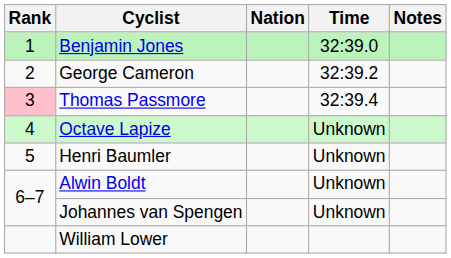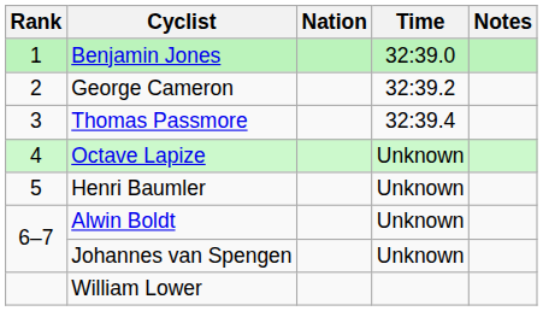 <table class="wikitable sortable">
 <tr>
 <th>Rank</th>
 <th>Cyclist</th>
 <th>Nation</th>
 <th>Time</th>
 <th>Notes</th>
 </tr>
 <tr bgcolor=bbf3bb>
 <td align=center>1</td>
 <td><a href='#'>Benjamin Jones</a></td>
 <td></td>
 <td align=center>32:39.0</td>
 <td align=center></td>
 </tr>
 <tr>
 <td align=center>2</td>
 <td>George Cameron</td>
 <td></td>
 <td align=center>32:39.2</td>
 <td></td>
 </tr>
 <tr>
-<td align=center style="background: pink;">3</td>
+<td align=center>3</td>
 <td><a href='#'>Thomas Passmore</a></td>
 <td></td>
 <td align=center>32:39.4</td>
 <td></td>
 </tr>
 <tr bgcolor=ccf9cc>
 <td align=center>4</td>
 <td><a href='#'>Octave Lapize</a></td>
 <td></td>
 <td align=center>Unknown</td>
 <td align=center></td>
 </tr>
 <tr>
 <td align=center>5</td>
 <td>Henri Baumler</td>
 <td></td>
 <td align=center>Unknown</td>
 <td></td>
 </tr>
 <tr>
 <td align=center rowspan=2>6–7</td>
 <td><a href='#'>Alwin Boldt</a></td>
 <td></td>
 <td align=center>Unknown</td>
 <td></td>
 </tr>
 <tr>
 <td>Johannes van Spengen</td>
 <td></td>
 <td align=center>Unknown</td>
 <td></td>
 </tr>
 <tr>
 <td align=center></td>
 <td>William Lower</td>
 <td></td>
 <td align=center></td>
 <td></td>
 </tr>
 </table>
